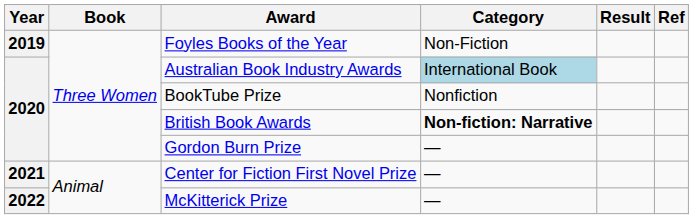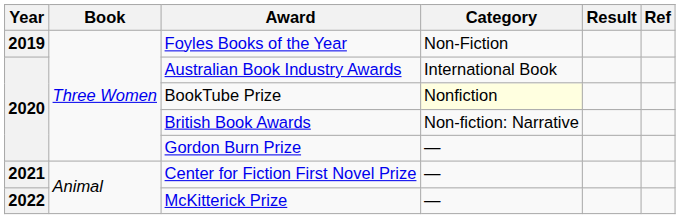 <table class="wikitable sortable">
 <tr>
 <th>Year</th>
 <th>Book</th>
 <th>Award</th>
 <th>Category</th>
 <th>Result</th>
 <th>Ref</th>
 </tr>
 <tr>
 <th>2019</th>
 <td rowspan="5"><em><a href='#'>Three Women</a></em></td>
 <td><a href='#'>Foyles Books of the Year</a></td>
 <td>Non-Fiction</td>
 <td></td>
 <td></td>
 </tr>
 <tr>
 <th rowspan="4">2020</th>
 <td><a href='#'>Australian Book Industry Awards</a></td>
-<td style="background: lightblue;">International Book</td>
+<td>International Book</td>
 <td></td>
 <td></td>
 </tr>
 <tr>
 <td>BookTube Prize</td>
-<td>Nonfiction</td>
+<td style="background: lightyellow;">Nonfiction</td>
 <td></td>
 <td></td>
 </tr>
 <tr>
 <td><a href='#'>British Book Awards</a></td>
-<td><strong>Non-fiction: Narrative</strong></td>
+<td>Non-fiction: Narrative</td>
 <td></td>
 <td></td>
 </tr>
 <tr>
 <td><a href='#'>Gordon Burn Prize</a></td>
 <td>—</td>
 <td></td>
 <td></td>
 </tr>
 <tr>
 <th>2021</th>
 <td rowspan="2"><em>Animal</em></td>
 <td><a href='#'>Center for Fiction First Novel Prize</a></td>
 <td>—</td>
 <td></td>
 <td></td>
 </tr>
 <tr>
 <th>2022</th>
 <td><a href='#'>McKitterick Prize</a></td>
 <td>—</td>
 <td></td>
 <td></td>
 </tr>
 </table>
